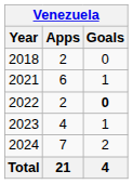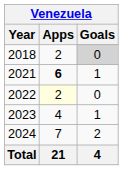 <table class="wikitable" style="text-align:center">
 <tr>
 <th colspan=4><a href='#'>Venezuela</a></th>
 </tr>
 <tr>
 <th>Year</th>
 <th>Apps</th>
 <th>Goals</th>
 </tr>
 <tr>
 <td>2018</td>
 <td>2</td>
-<td>0</td>
+<td style="background: lightgrey;">0</td>
 </tr>
 <tr>
 <td>2021</td>
-<td>6</td>
+<td><strong>6</strong></td>
 <td>1</td>
 </tr>
 <tr>
 <td>2022</td>
-<td>2</td>
-<td><strong>0</strong></td>
+<td style="background: lightyellow;">2</td>
+<td>0</td>
 </tr>
 <tr>
 <td>2023</td>
 <td>4</td>
 <td>1</td>
 </tr>
 <tr>
 <td>2024</td>
 <td>7</td>
 <td>2</td>
 </tr>
 <tr>
 <th>Total</th>
 <th>21</th>
 <th>4</th>
 </tr>
 </table>
